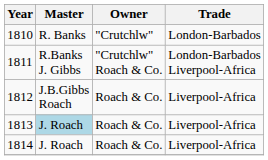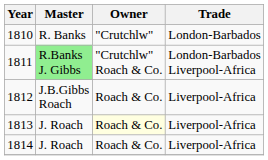 <table class="sortable wikitable">
 <tr>
 <th>Year</th>
 <th>Master</th>
 <th>Owner</th>
 <th>Trade</th>
 </tr>
 <tr>
 <td>1810</td>
 <td>R. Banks</td>
 <td>"Crutchlw"</td>
 <td>London-Barbados</td>
 </tr>
 <tr>
 <td>1811</td>
-<td>R.Banks<br>J. Gibbs</td>
+<td style="background: lightgreen;">R.Banks<br>J. Gibbs</td>
 <td>"Crutchlw"<br>Roach & Co.</td>
 <td>London-Barbados<br>Liverpool-Africa</td>
 </tr>
 <tr>
 <td>1812</td>
 <td>J.B.Gibbs<br>Roach</td>
 <td>Roach & Co.</td>
 <td>Liverpool-Africa</td>
 </tr>
 <tr>
 <td>1813</td>
-<td style="background: lightblue;">J. Roach</td>
-<td>Roach & Co.</td>
+<td>J. Roach</td>
+<td style="background: lightyellow;">Roach & Co.</td>
 <td>Liverpool-Africa</td>
 </tr>
 <tr>
 <td>1814</td>
 <td>J. Roach</td>
 <td>Roach & Co.</td>
 <td>Liverpool-Africa</td>
 </tr>
 <tr>
 </tr>
 </table>
